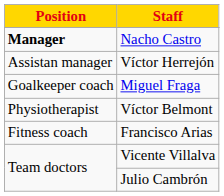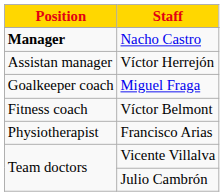 <table class="wikitable">
 <tr>
 <th style=background-color:#FFD700;color:#E30013>Position</th>
 <th style=background-color:#FFD700;color:#E30013>Staff</th>
 </tr>
 <tr>
 </tr>
 <tr>
 <td><strong>Manager</strong></td>
 <td> <a href='#'>Nacho Castro</a></td>
 </tr>
 <tr>
 <td>Assistan manager</td>
 <td> Víctor Herrejón</td>
 </tr>
 <tr>
 <td>Goalkeeper coach</td>
 <td> <a href='#'>Miguel Fraga</a></td>
 </tr>
 <tr>
-<td>Physiotherapist</td>
+<td>Fitness coach</td>
 <td> Víctor Belmont</td>
 </tr>
 <tr>
-<td>Fitness coach</td>
+<td>Physiotherapist</td>
 <td> Francisco Arias</td>
 </tr>
 <tr>
 <td rowspan="2">Team doctors</td>
 <td>  Vicente Villalva</td>
 </tr>
 <tr>
 <td> Julio Cambrón</td>
 </tr>
 </table>
